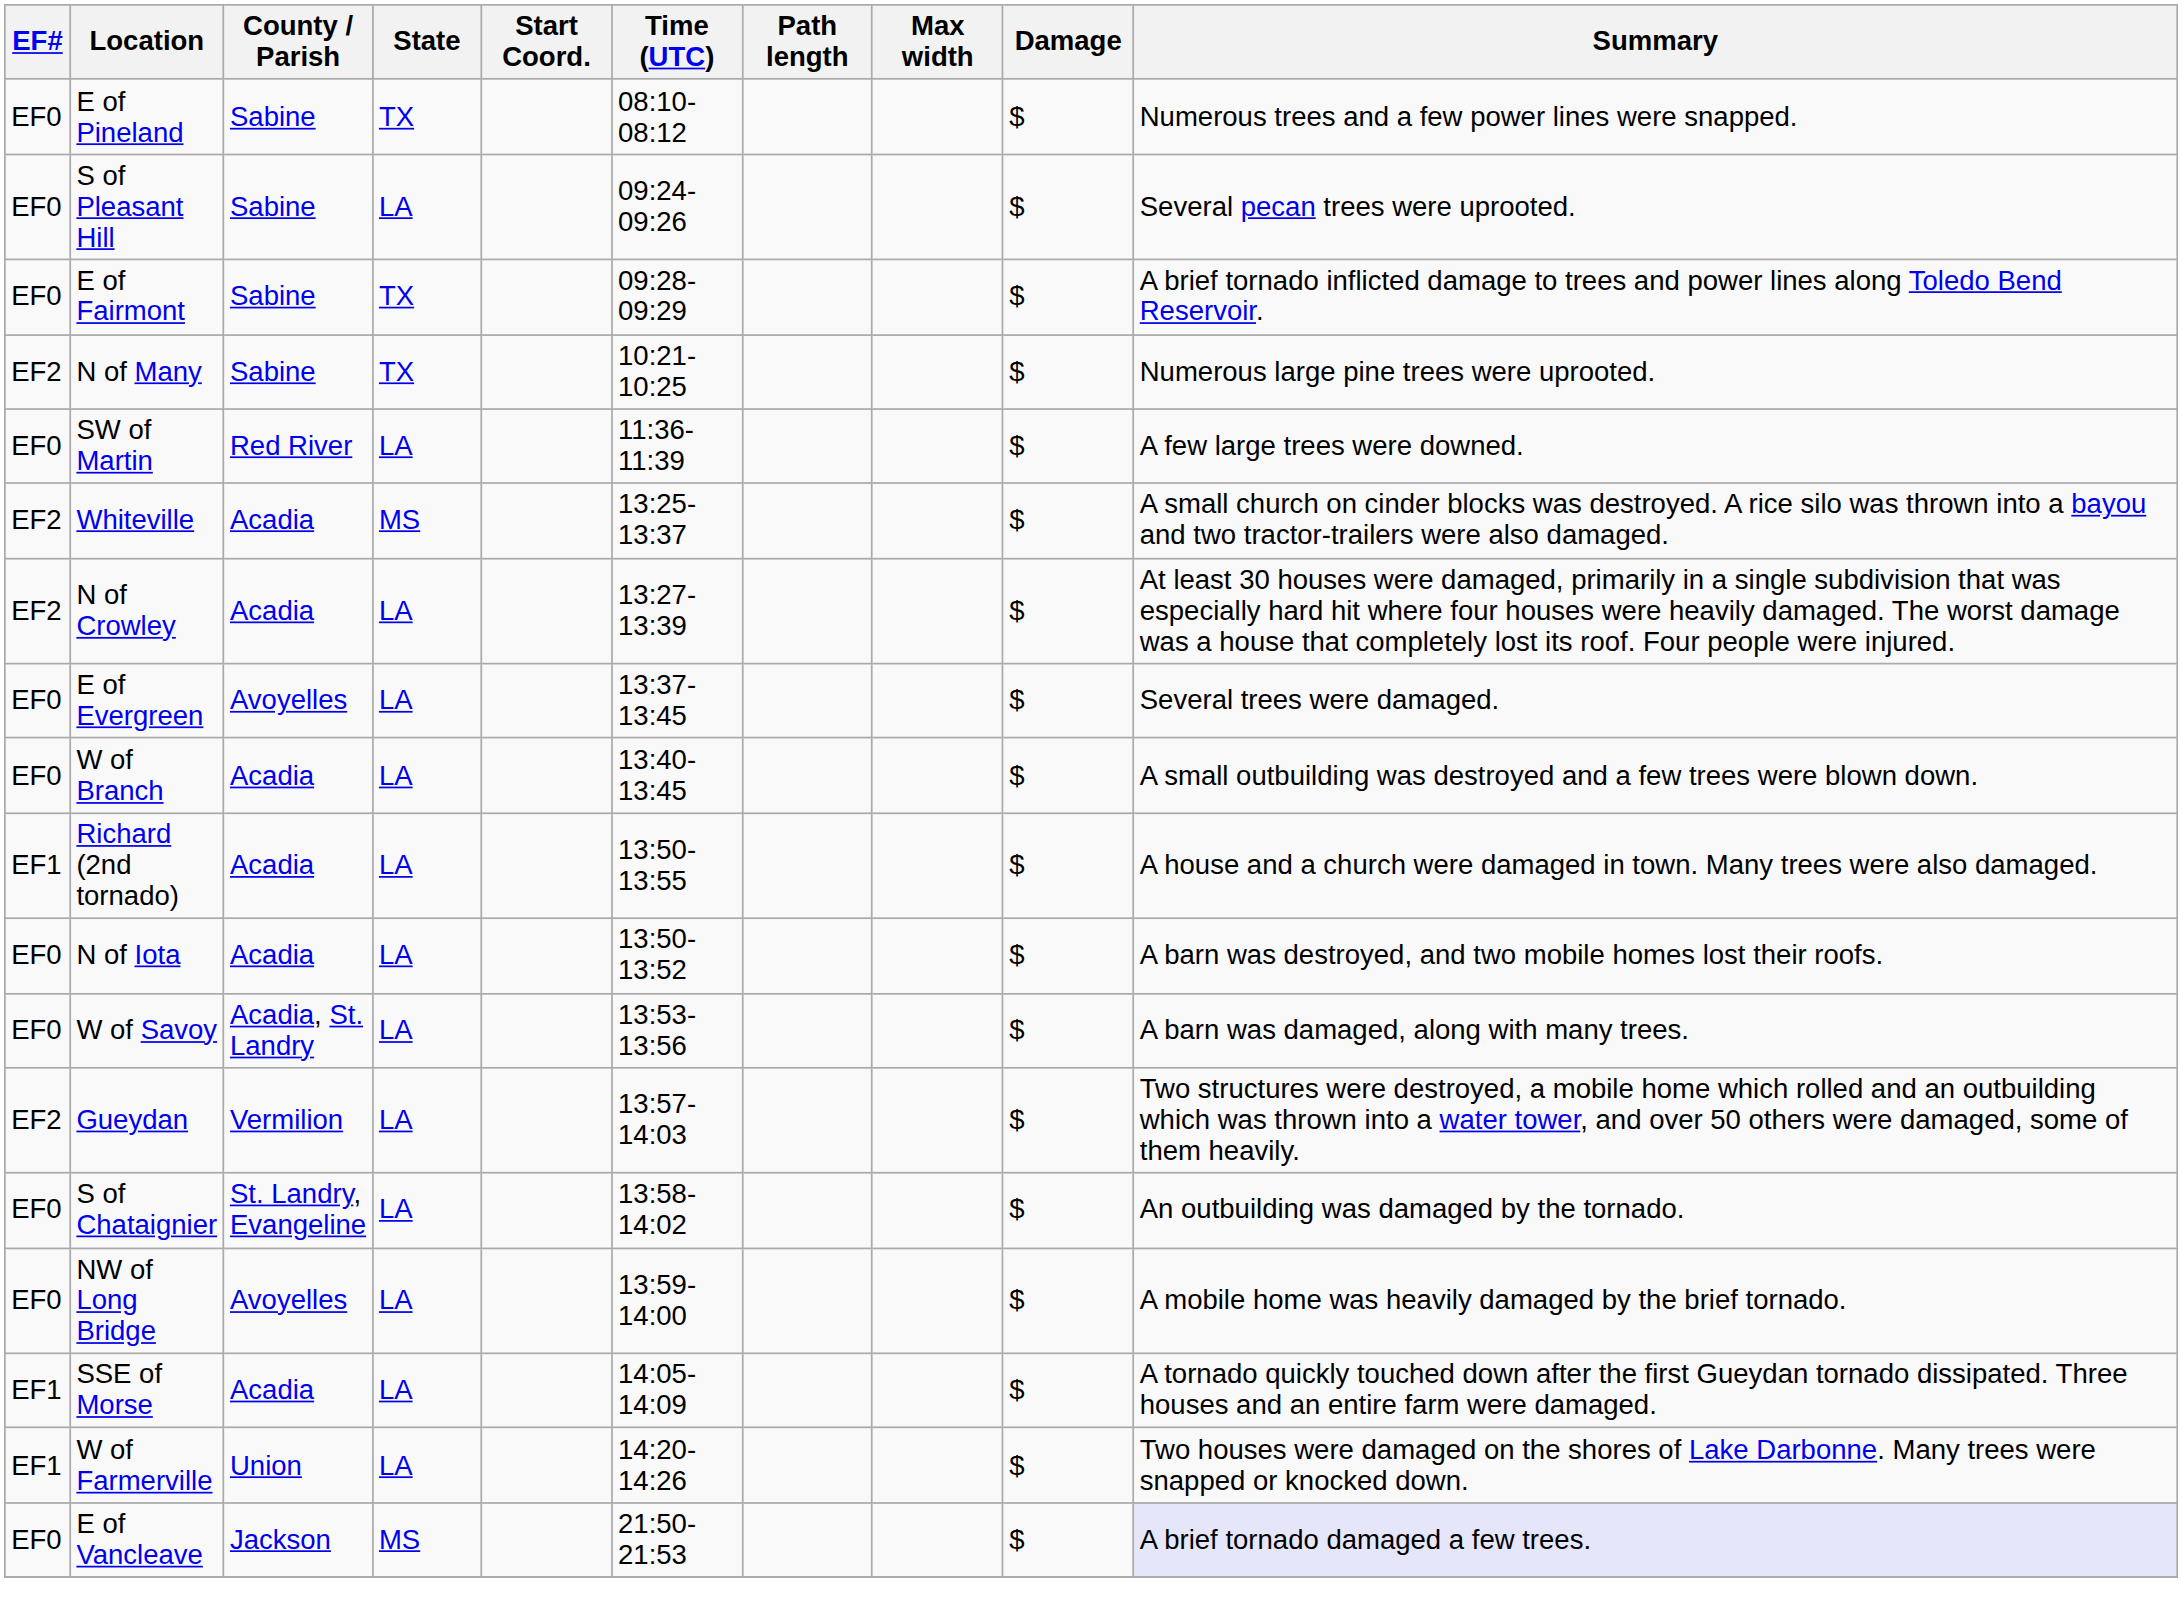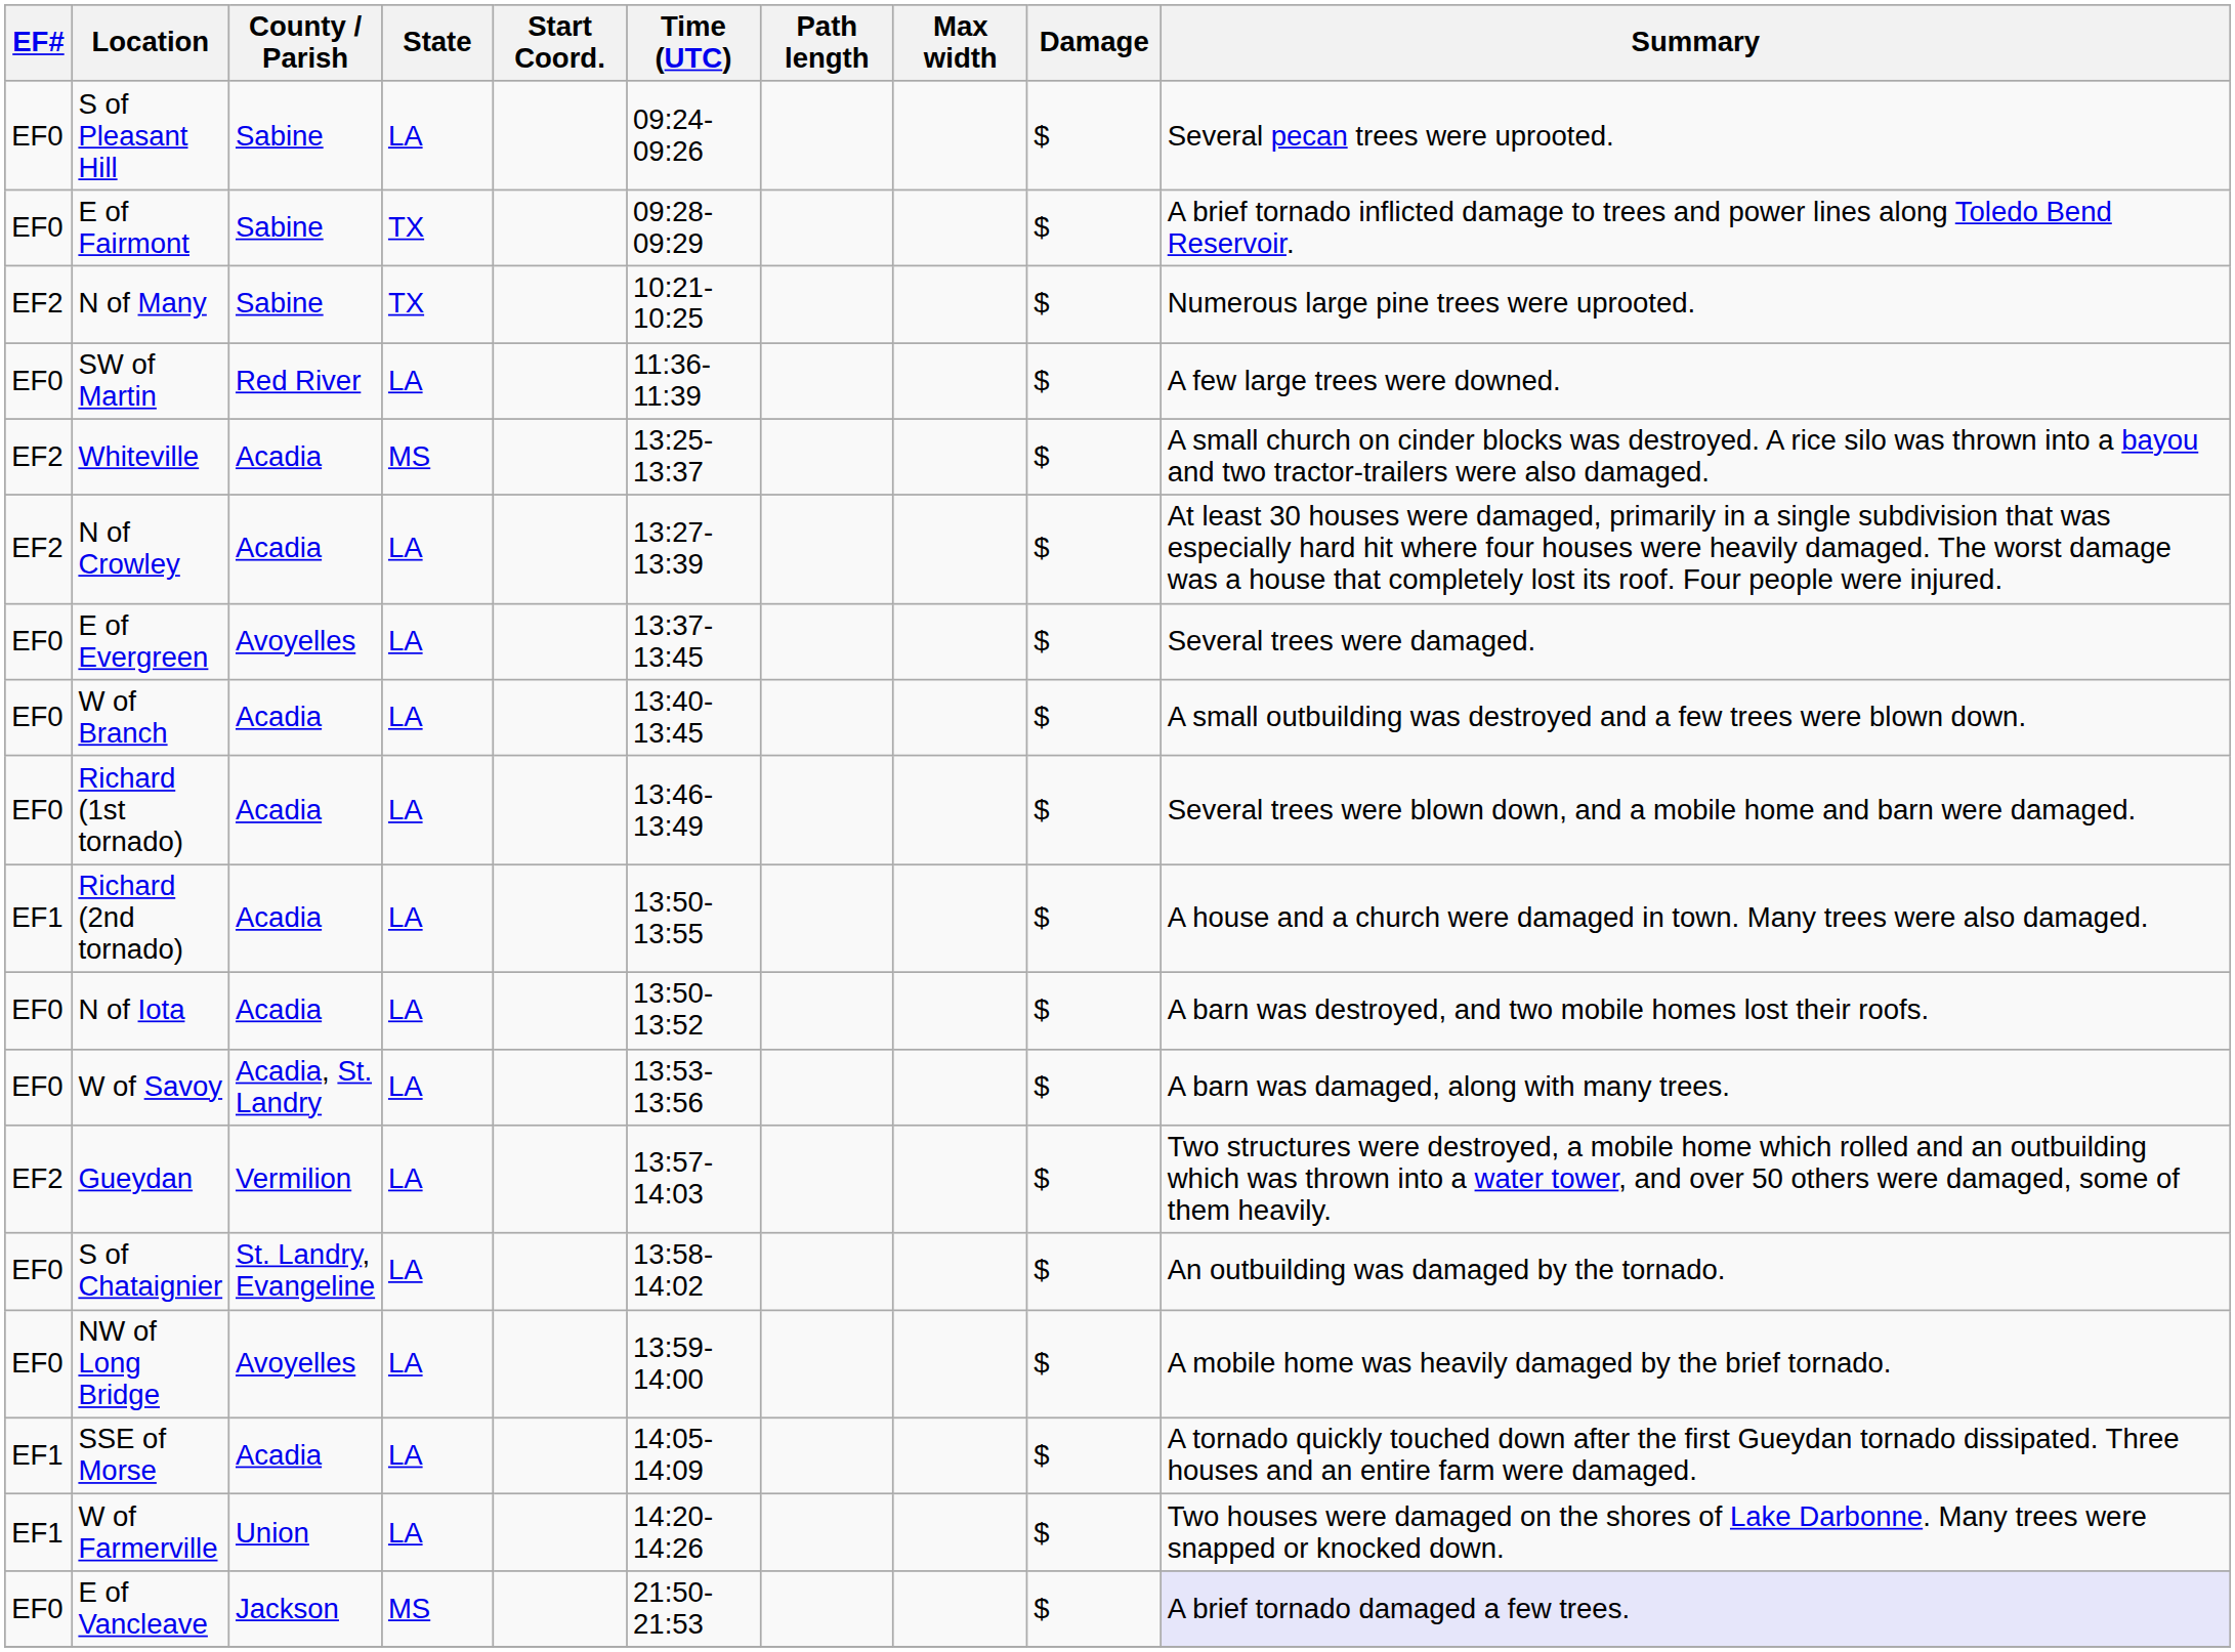 <table class="wikitable sortable" style="width:100%;">
 <tr>
 <th scope="col"  style="width:3%; text-align:center;"><a href='#'>EF#</a></th>
 <th scope="col"  style="width:7%; text-align:center;" class="unsortable">Location</th>
 <th scope="col"  style="width:6%; text-align:center;" class="unsortable">County / Parish</th>
 <th scope="col"  style="width:5%; text-align:center;">State</th>
 <th scope="col"  style="width:6%; text-align:center;">Start Coord.</th>
 <th scope="col"  style="width:6%; text-align:center;">Time (<a href='#'>UTC</a>)</th>
 <th scope="col"  style="width:6%; text-align:center;">Path length</th>
 <th scope="col"  style="width:6%; text-align:center;">Max width</th>
 <th scope="col"  style="width:6%; text-align:center;">Damage</th>
 <th scope="col" class="unsortable" style="width:48%; text-align:center;">Summary</th>
-</tr>
-<tr>
-<td>EF0</td>
-<td>E of <a href='#'>Pineland</a></td>
-<td><a href='#'>Sabine</a></td>
-<td><a href='#'>TX</a></td>
-<td></td>
-<td>08:10-08:12</td>
-<td></td>
-<td></td>
-<td>$</td>
-<td>Numerous trees and a few power lines were snapped.</td>
 </tr>
 <tr>
 <td>EF0</td>
 <td>S of <a href='#'>Pleasant Hill</a></td>
 <td><a href='#'>Sabine</a></td>
 <td><a href='#'>LA</a></td>
 <td></td>
 <td>09:24-09:26</td>
 <td></td>
 <td></td>
 <td>$</td>
 <td>Several <a href='#'>pecan</a> trees were uprooted.</td>
 </tr>
 <tr>
 <td>EF0</td>
 <td>E of <a href='#'>Fairmont</a></td>
 <td><a href='#'>Sabine</a></td>
 <td><a href='#'>TX</a></td>
 <td></td>
 <td>09:28-09:29</td>
 <td></td>
 <td></td>
 <td>$</td>
 <td>A brief tornado inflicted damage to trees and power lines along <a href='#'>Toledo Bend Reservoir</a>.</td>
 </tr>
 <tr>
 <td>EF2</td>
 <td>N of <a href='#'>Many</a></td>
 <td><a href='#'>Sabine</a></td>
 <td><a href='#'>TX</a></td>
 <td></td>
 <td>10:21-10:25</td>
 <td></td>
 <td></td>
 <td>$</td>
 <td>Numerous large pine trees were uprooted.</td>
 </tr>
 <tr>
 <td>EF0</td>
 <td>SW of <a href='#'>Martin</a></td>
 <td><a href='#'>Red River</a></td>
 <td><a href='#'>LA</a></td>
 <td></td>
 <td>11:36-11:39</td>
 <td></td>
 <td></td>
 <td>$</td>
 <td>A few large trees were downed.</td>
 </tr>
 <tr>
 <td>EF2</td>
 <td><a href='#'>Whiteville</a></td>
 <td><a href='#'>Acadia</a></td>
 <td><a href='#'>MS</a></td>
 <td></td>
 <td>13:25-13:37</td>
 <td></td>
 <td></td>
 <td>$</td>
 <td>A small church on cinder blocks was destroyed. A rice silo was thrown into a <a href='#'>bayou</a> and two tractor-trailers were also damaged.</td>
 </tr>
 <tr>
 <td>EF2</td>
 <td>N of <a href='#'>Crowley</a></td>
 <td><a href='#'>Acadia</a></td>
 <td><a href='#'>LA</a></td>
 <td></td>
 <td>13:27-13:39</td>
 <td></td>
 <td></td>
 <td>$</td>
 <td>At least 30 houses were damaged, primarily in a single subdivision that was especially hard hit where four houses were heavily damaged. The worst damage was a house that completely lost its roof. Four people were injured.</td>
 </tr>
 <tr>
 <td>EF0</td>
 <td>E of <a href='#'>Evergreen</a></td>
 <td><a href='#'>Avoyelles</a></td>
 <td><a href='#'>LA</a></td>
 <td></td>
 <td>13:37-13:45</td>
 <td></td>
 <td></td>
 <td>$</td>
 <td>Several trees were damaged.</td>
 </tr>
 <tr>
 <td>EF0</td>
 <td>W of <a href='#'>Branch</a></td>
 <td><a href='#'>Acadia</a></td>
 <td><a href='#'>LA</a></td>
 <td></td>
 <td>13:40-13:45</td>
 <td></td>
 <td></td>
 <td>$</td>
 <td>A small outbuilding was destroyed and a few trees were blown down.</td>
+</tr>
+<tr>
+<td>EF0</td>
+<td><a href='#'>Richard</a> (1st tornado)</td>
+<td><a href='#'>Acadia</a></td>
+<td><a href='#'>LA</a></td>
+<td></td>
+<td>13:46-13:49</td>
+<td></td>
+<td></td>
+<td>$</td>
+<td>Several trees were blown down, and a mobile home and barn were damaged.</td>
 </tr>
 <tr>
 <td>EF1</td>
 <td><a href='#'>Richard</a> (2nd tornado)</td>
 <td><a href='#'>Acadia</a></td>
 <td><a href='#'>LA</a></td>
 <td></td>
 <td>13:50-13:55</td>
 <td></td>
 <td></td>
 <td>$</td>
 <td>A house and a church were damaged in town. Many trees were also damaged.</td>
 </tr>
 <tr>
 <td>EF0</td>
 <td>N of <a href='#'>Iota</a></td>
 <td><a href='#'>Acadia</a></td>
 <td><a href='#'>LA</a></td>
 <td></td>
 <td>13:50-13:52</td>
 <td></td>
 <td></td>
 <td>$</td>
 <td>A barn was destroyed, and two mobile homes lost their roofs.</td>
 </tr>
 <tr>
 <td>EF0</td>
 <td>W of <a href='#'>Savoy</a></td>
 <td><a href='#'>Acadia</a>, <a href='#'>St. Landry</a></td>
 <td><a href='#'>LA</a></td>
 <td></td>
 <td>13:53-13:56</td>
 <td></td>
 <td></td>
 <td>$</td>
 <td>A barn was damaged, along with many trees.</td>
 </tr>
 <tr>
 <td>EF2</td>
 <td><a href='#'>Gueydan</a></td>
 <td><a href='#'>Vermilion</a></td>
 <td><a href='#'>LA</a></td>
 <td></td>
 <td>13:57-14:03</td>
 <td></td>
 <td></td>
 <td>$</td>
 <td>Two structures were destroyed, a mobile home which rolled and an outbuilding which was thrown into a <a href='#'>water tower</a>, and over 50 others were damaged, some of them heavily.</td>
 </tr>
 <tr>
 <td>EF0</td>
 <td>S of <a href='#'>Chataignier</a></td>
 <td><a href='#'>St. Landry</a>, <a href='#'>Evangeline</a></td>
 <td><a href='#'>LA</a></td>
 <td></td>
 <td>13:58-14:02</td>
 <td></td>
 <td></td>
 <td>$</td>
 <td>An outbuilding was damaged by the tornado.</td>
 </tr>
 <tr>
 <td>EF0</td>
 <td>NW of <a href='#'>Long Bridge</a></td>
 <td><a href='#'>Avoyelles</a></td>
 <td><a href='#'>LA</a></td>
 <td></td>
 <td>13:59-14:00</td>
 <td></td>
 <td></td>
 <td>$</td>
 <td>A mobile home was heavily damaged by the brief tornado.</td>
 </tr>
 <tr>
 <td>EF1</td>
 <td>SSE of <a href='#'>Morse</a></td>
 <td><a href='#'>Acadia</a></td>
 <td><a href='#'>LA</a></td>
 <td></td>
 <td>14:05-14:09</td>
 <td></td>
 <td></td>
 <td>$</td>
 <td>A tornado quickly touched down after the first Gueydan tornado dissipated. Three houses and an entire farm were damaged.</td>
 </tr>
 <tr>
 <td>EF1</td>
 <td>W of <a href='#'>Farmerville</a></td>
 <td><a href='#'>Union</a></td>
 <td><a href='#'>LA</a></td>
 <td></td>
 <td>14:20-14:26</td>
 <td></td>
 <td></td>
 <td>$</td>
 <td>Two houses were damaged on the shores of <a href='#'>Lake Darbonne</a>. Many trees were snapped or knocked down.</td>
 </tr>
 <tr>
 <td>EF0</td>
 <td>E of <a href='#'>Vancleave</a></td>
 <td><a href='#'>Jackson</a></td>
 <td><a href='#'>MS</a></td>
 <td></td>
 <td>21:50-21:53</td>
 <td></td>
 <td></td>
 <td>$</td>
 <td style="background: lavender;">A brief tornado damaged a few trees.</td>
 </tr>
 <tr>
 </tr>
 </table>
